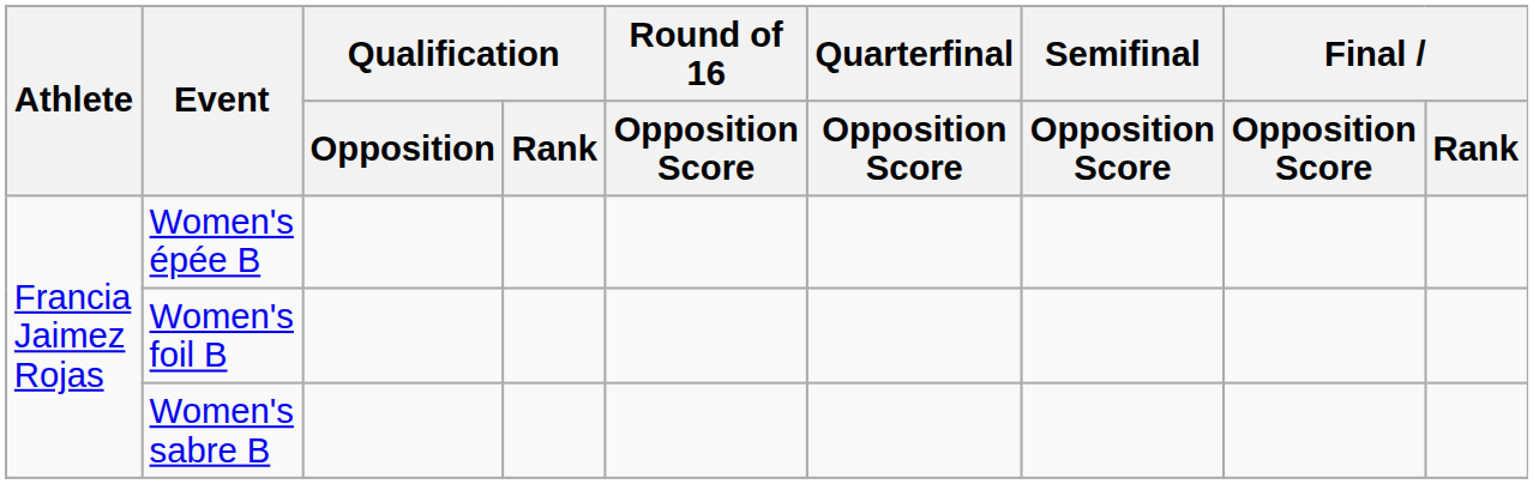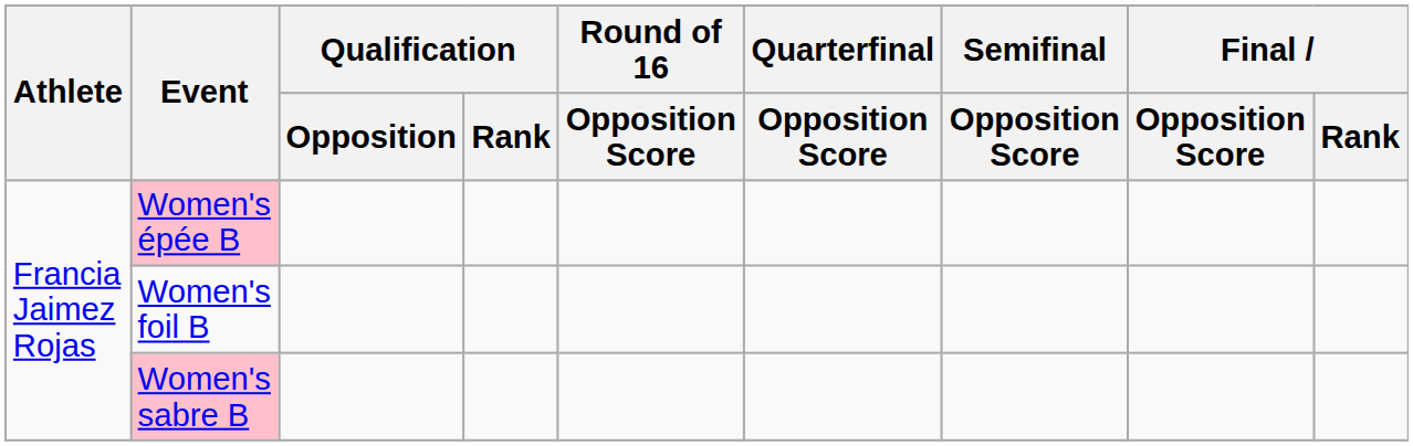 <table class=wikitable style="font-size:90%">
 <tr>
 <th rowspan="2">Athlete</th>
 <th rowspan="2">Event</th>
 <th colspan="2">Qualification</th>
 <th>Round of 16</th>
 <th>Quarterfinal</th>
 <th>Semifinal</th>
 <th colspan="2">Final / </th>
 </tr>
 <tr>
 <th>Opposition</th>
 <th>Rank</th>
 <th>Opposition<br>Score</th>
 <th>Opposition<br>Score</th>
 <th>Opposition<br>Score</th>
 <th>Opposition<br>Score</th>
 <th>Rank</th>
 </tr>
 <tr align=center>
 <td align=left rowspan=3><a href='#'>Francia Jaimez Rojas</a></td>
-<td align=left><a href='#'>Women's épée B</a></td>
+<td align=left style="background: pink;"><a href='#'>Women's épée B</a></td>
 <td></td>
 <td></td>
 <td></td>
 <td></td>
 <td></td>
 <td></td>
 <td></td>
 </tr>
 <tr align=center>
 <td align=left><a href='#'>Women's foil B</a></td>
 <td></td>
 <td></td>
 <td></td>
 <td></td>
 <td></td>
 <td></td>
 <td></td>
 </tr>
 <tr align=center>
-<td align=left><a href='#'>Women's sabre B</a></td>
+<td align=left style="background: pink;"><a href='#'>Women's sabre B</a></td>
 <td></td>
 <td></td>
 <td></td>
 <td></td>
 <td></td>
 <td></td>
 <td></td>
 </tr>
 </table>
